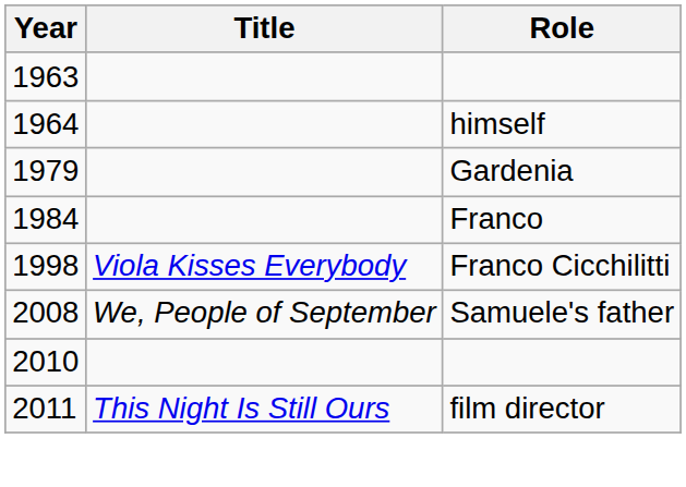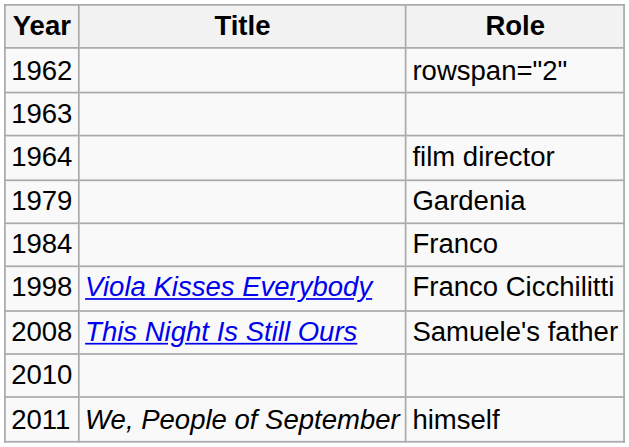 <table class="wikitable">
 <tr>
 <th>Year</th>
 <th>Title</th>
 <th>Role</th>
+</tr>
+<tr>
+<td>1962</td>
+<td></td>
+<td>rowspan="2" </td>
 </tr>
 <tr>
 <td>1963</td>
 <td></td>
 </tr>
 <tr>
 <td>1964</td>
 <td></td>
-<td>himself</td>
+<td>film director</td>
 </tr>
 <tr>
 <td>1979</td>
 <td></td>
 <td>Gardenia</td>
 </tr>
 <tr>
 <td>1984</td>
 <td></td>
 <td>Franco</td>
 </tr>
 <tr>
 <td>1998</td>
 <td><em><a href='#'>Viola Kisses Everybody</a></em></td>
 <td>Franco Cicchilitti</td>
 </tr>
 <tr>
 <td>2008</td>
-<td><em>We, People of September</em></td>
+<td><em><a href='#'>This Night Is Still Ours</a></em></td>
 <td>Samuele's father</td>
 </tr>
 <tr>
 <td>2010</td>
 <td></td>
 <td></td>
 </tr>
 <tr>
 <td>2011</td>
-<td><em><a href='#'>This Night Is Still Ours</a></em></td>
-<td>film director</td>
+<td><em>We, People of September</em></td>
+<td>himself</td>
 </tr>
 </table>
